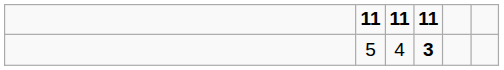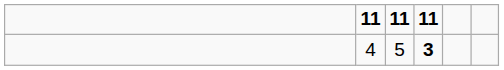 <table class="wikitable">
 <tr>
 <td style="width:18em"><strong></strong></td>
 <td align=center style="width:1em"><strong>11</strong></td>
 <td align=center style="width:1em"><strong>11</strong></td>
 <td align=center style="width:1em"><strong>11</strong></td>
 <td align=center style="width:1em"></td>
 <td align=center style="width:1em"></td>
 </tr>
 <tr>
 <td style="width:18em"></td>
+<td align=center style="width:1em">4</td>
 <td align=center style="width:1em">5</td>
-<td align=center style="width:1em">4</td>
 <td align=center style="width:1em"><strong>3</strong></td>
 <td align=center style="width:1em"></td>
 <td align=center style="width:1em"></td>
 </tr>
 </table>
